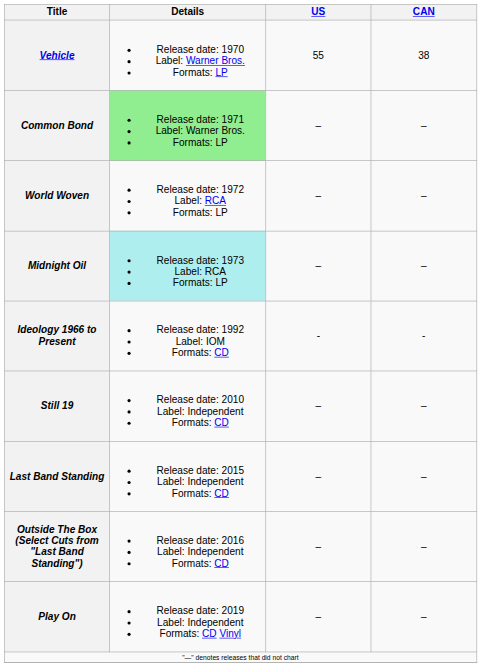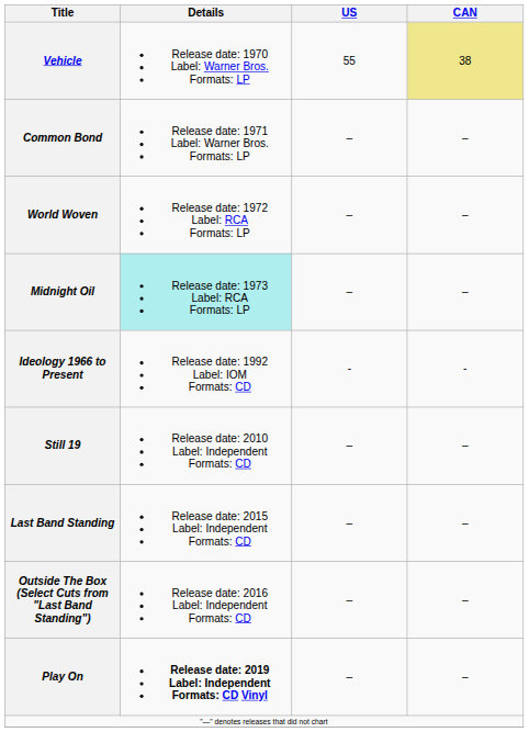 <table class="wikitable plainrowheaders" style="text-align:center;">
 <tr>
 <th rowspan="1" style="width:10em;">Title</th>
 <th rowspan="1" style="width:15em;">Details</th>
 <th rowspan="1" style="width:10em;"><a href='#'>US</a></th>
 <th rowspan="1" style="width:10em;"><a href='#'>CAN</a></th>
 </tr>
 <tr>
 <th scope="row"><em><a href='#'>Vehicle</a></em></th>
 <td><br><ul><li>Release date: 1970</li><li>Label: <a href='#'>Warner Bros.</a></li><li>Formats: <a href='#'>LP</a></li></ul></td>
 <td>55</td>
-<td>38</td>
+<td style="background: khaki;">38</td>
 </tr>
 <tr>
 <th scope="row"><em>Common Bond</em></th>
-<td style="background: lightgreen;"><br><ul><li>Release date: 1971</li><li>Label: Warner Bros.</li><li>Formats: LP</li></ul></td>
+<td><br><ul><li>Release date: 1971</li><li>Label: Warner Bros.</li><li>Formats: LP</li></ul></td>
 <td>–</td>
 <td>–</td>
 </tr>
 <tr>
 <th scope="row"><em>World Woven</em></th>
 <td><br><ul><li>Release date: 1972</li><li>Label: <a href='#'>RCA</a></li><li>Formats: LP</li></ul></td>
 <td>–</td>
 <td>–</td>
 </tr>
 <tr>
 <th scope="row"><em>Midnight Oil</em></th>
 <td style="background: paleturquoise;"><br><ul><li>Release date: 1973</li><li>Label: RCA</li><li>Formats: LP</li></ul></td>
 <td>–</td>
 <td>–</td>
 </tr>
 <tr>
 <th scope="row"><em>Ideology 1966 to Present</em></th>
 <td><br><ul><li>Release date: 1992</li><li>Label: IOM</li><li>Formats: <a href='#'>CD</a></li></ul></td>
 <td>-</td>
 <td>-</td>
 </tr>
 <tr>
 <th scope="row"><em>Still 19</em></th>
 <td><br><ul><li>Release date: 2010</li><li>Label: Independent</li><li>Formats: <a href='#'>CD</a></li></ul></td>
 <td>–</td>
 <td>–</td>
 </tr>
 <tr>
 <th scope="row"><em>Last Band Standing</em></th>
 <td><br><ul><li>Release date: 2015</li><li>Label: Independent</li><li>Formats: <a href='#'>CD</a></li></ul></td>
 <td>–</td>
 <td>–</td>
 </tr>
 <tr>
 <th scope="row"><em>Outside The Box (Select Cuts from "Last Band Standing")</em></th>
 <td><br><ul><li>Release date: 2016</li><li>Label: Independent</li><li>Formats: <a href='#'>CD</a></li></ul></td>
 <td>–</td>
 <td>–</td>
 </tr>
 <tr>
 <th scope="row"><em>Play On</em></th>
-<td><br><ul><li>Release date: 2019</li><li>Label: Independent</li><li>Formats: <a href='#'>CD</a> <a href='#'>Vinyl</a></li></ul></td>
+<td><strong><br><ul><li>Release date: 2019</li><li>Label: Independent</li><li>Formats: <a href='#'>CD</a> <a href='#'>Vinyl</a></li></ul></strong></td>
 <td>–</td>
 <td>–</td>
 </tr>
 <tr>
 <td colspan="15" style="font-size:8pt">"—" denotes releases that did not chart</td>
 </tr>
 <tr>
 </tr>
 </table>
